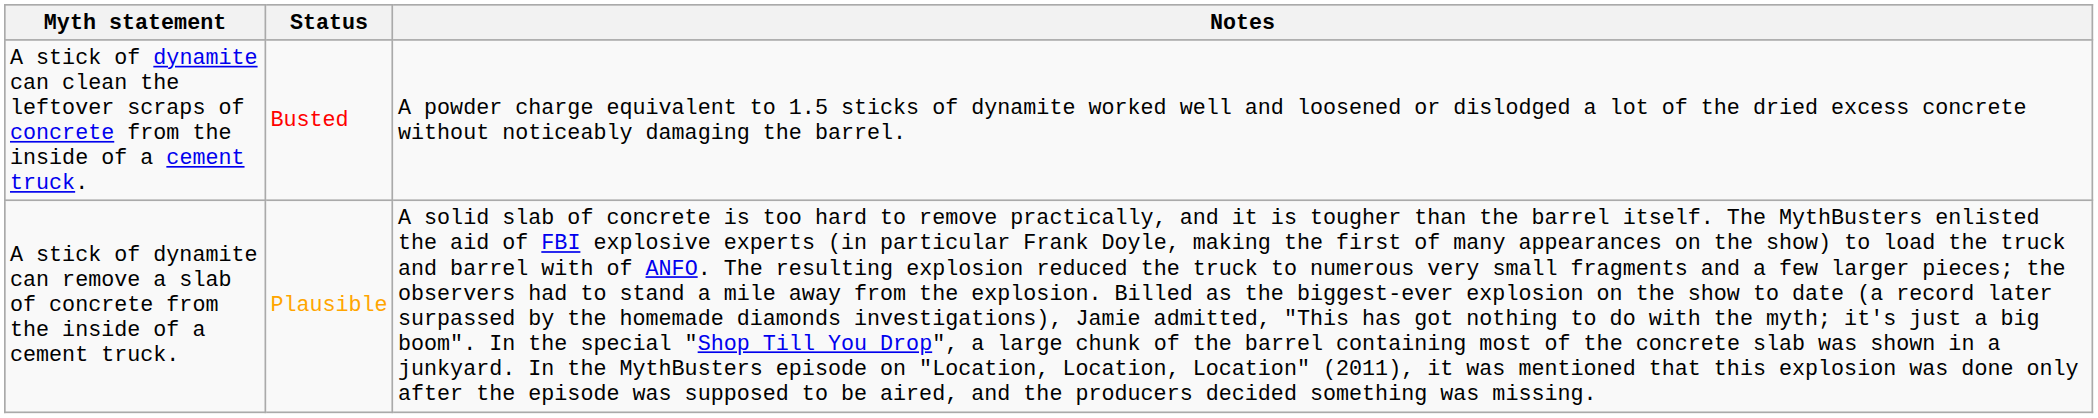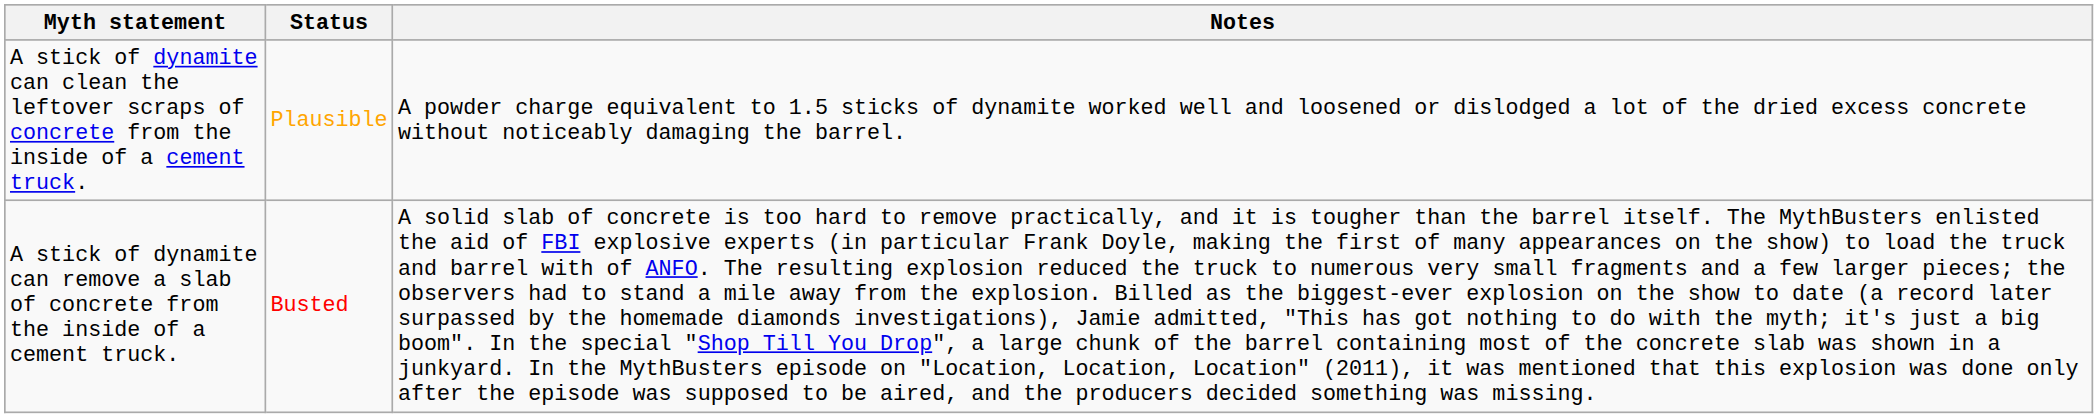 <table class="wikitable plainrowheaders">
 <tr>
 <th>Myth statement</th>
 <th>Status</th>
 <th>Notes</th>
 </tr>
 <tr>
 <td>A stick of <a href='#'>dynamite</a> can clean the leftover scraps of <a href='#'>concrete</a> from the inside of a <a href='#'>cement truck</a>.</td>
-<td style="color:red">Busted</td>
+<td style="color:orange">Plausible</td>
 <td>A powder charge equivalent to 1.5 sticks of dynamite worked well and loosened or dislodged a lot of the dried excess concrete without noticeably damaging the barrel.</td>
 </tr>
 <tr>
 <td>A stick of dynamite can remove a slab of concrete from the inside of a cement truck.</td>
-<td style="color:orange">Plausible</td>
+<td style="color:red">Busted</td>
 <td>A solid slab of concrete is too hard to remove practically, and it is tougher than the barrel itself. The MythBusters enlisted the aid of <a href='#'>FBI</a> explosive experts (in particular Frank Doyle, making the first of many appearances on the show) to load the truck and barrel with  of <a href='#'>ANFO</a>. The resulting explosion reduced the truck to numerous very small fragments and a few larger pieces; the observers had to stand a mile away from the explosion. Billed as the biggest-ever explosion on the show to date (a record later surpassed by the homemade diamonds investigations), Jamie admitted, "This has got nothing to do with the myth; it's just a big boom". In the special "<a href='#'>Shop Till You Drop</a>", a large chunk of the barrel containing most of the concrete slab was shown in a junkyard. In the MythBusters episode on "Location, Location, Location" (2011), it was mentioned that this explosion was done only after the episode was supposed to be aired, and the producers decided something was missing.</td>
 </tr>
 </table>
